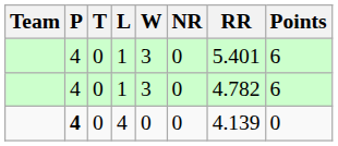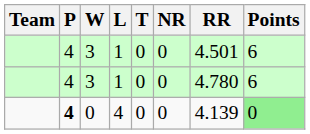 <table class="wikitable">
 <tr>
 <th>Team</th>
 <th>P</th>
+<th>W</th>
+<th>L</th>
 <th>T</th>
-<th>L</th>
-<th>W</th>
 <th>NR</th>
 <th>RR</th>
 <th>Points</th>
 </tr>
 <tr style="background:#cfc;">
 <td align=left></td>
 <td>4</td>
+<td>3</td>
+<td>1</td>
 <td>0</td>
-<td>1</td>
-<td>3</td>
 <td>0</td>
-<td>5.401</td>
+<td>4.501</td>
 <td>6</td>
 </tr>
 <tr style="background:#cfc;">
 <td align=left></td>
 <td>4</td>
+<td>3</td>
+<td>1</td>
 <td>0</td>
-<td>1</td>
-<td>3</td>
 <td>0</td>
-<td>4.782</td>
+<td>4.780</td>
 <td>6</td>
 </tr>
 <tr>
 <td align=left></td>
 <td><strong>4</strong></td>
 <td>0</td>
 <td>4</td>
 <td>0</td>
 <td>0</td>
 <td>4.139</td>
-<td>0</td>
+<td style="background: lightgreen;">0</td>
 </tr>
 </table>
